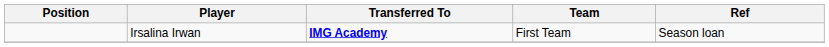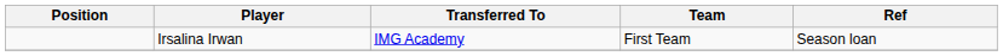 <table class="wikitable sortable" style="width:70%; text-align:center; font-size:100%; text-align:left;">
 <tr>
 <th>Position</th>
 <th>Player</th>
 <th>Transferred To</th>
 <th>Team</th>
 <th>Ref</th>
 </tr>
 <tr>
 <td></td>
 <td> Irsalina Irwan</td>
-<td><strong> <a href='#'>IMG Academy</a></strong></td>
+<td> <a href='#'>IMG Academy</a></td>
 <td>First Team</td>
 <td>Season loan </td>
 </tr>
 <tr>
 </tr>
 </table>
